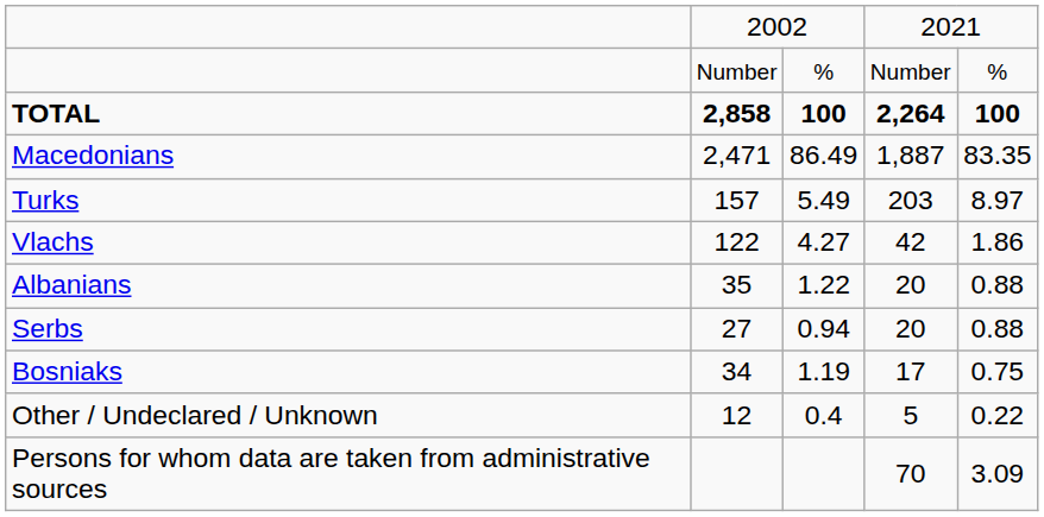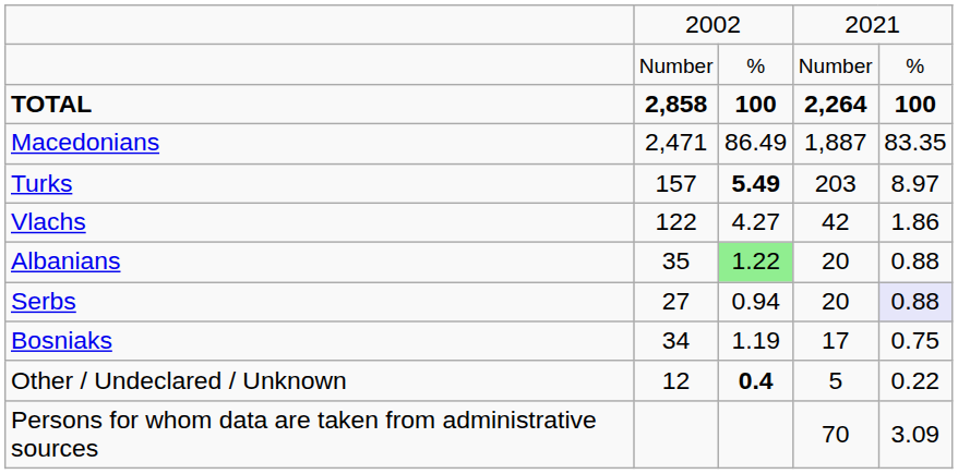 <table class="wikitable">
 <tr>
 <td></td>
 <td colspan="2" align="center">2002</td>
 <td colspan="2" align="center">2021</td>
 </tr>
 <tr>
 <td></td>
 <td align="center"><small>Number</small></td>
 <td align="center"><small>%</small></td>
 <td align="center"><small>Number</small></td>
 <td align="center"><small>%</small></td>
 </tr>
 <tr>
 <td><strong>TOTAL</strong></td>
 <td align="center"><strong>2,858</strong></td>
 <td align="center"><strong>100</strong></td>
 <td align="center"><strong>2,264</strong></td>
 <td align="center"><strong>100</strong></td>
 </tr>
 <tr>
 <td><a href='#'>Macedonians</a></td>
 <td align="center">2,471</td>
 <td align="center">86.49</td>
 <td align="center">1,887</td>
 <td align="center">83.35</td>
 </tr>
 <tr>
 <td><a href='#'>Turks</a></td>
 <td align="center">157</td>
-<td align="center">5.49</td>
+<td align="center"><strong>5.49</strong></td>
 <td align="center">203</td>
 <td align="center">8.97</td>
 </tr>
 <tr>
 <td><a href='#'>Vlachs</a></td>
 <td align="center">122</td>
 <td align="center">4.27</td>
 <td align="center">42</td>
 <td align="center">1.86</td>
 </tr>
 <tr>
 <td><a href='#'>Albanians</a></td>
 <td align="center">35</td>
-<td align="center">1.22</td>
+<td align="center" style="background: lightgreen;">1.22</td>
 <td align="center">20</td>
 <td align="center">0.88</td>
 </tr>
 <tr>
 <td><a href='#'>Serbs</a></td>
 <td align="center">27</td>
 <td align="center">0.94</td>
 <td align="center">20</td>
-<td align="center">0.88</td>
+<td align="center" style="background: lavender;">0.88</td>
 </tr>
 <tr>
 <td><a href='#'>Bosniaks</a></td>
 <td align="center">34</td>
 <td align="center">1.19</td>
 <td align="center">17</td>
 <td align="center">0.75</td>
 </tr>
 <tr>
 <td>Other / Undeclared / Unknown</td>
 <td align="center">12</td>
-<td align="center">0.4</td>
+<td align="center"><strong>0.4</strong></td>
 <td align="center">5</td>
 <td align="center">0.22</td>
 </tr>
 <tr>
 <td>Persons for whom data are taken from administrative sources</td>
 <td align="center"></td>
 <td align="center"></td>
 <td align="center">70</td>
 <td align="center">3.09</td>
 </tr>
 </table>
